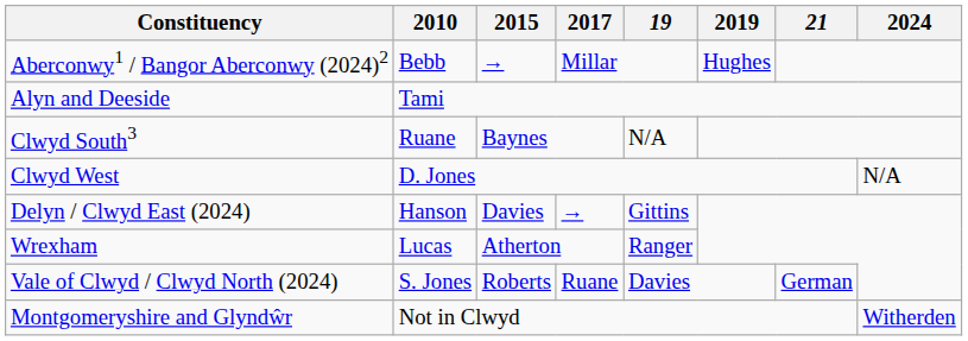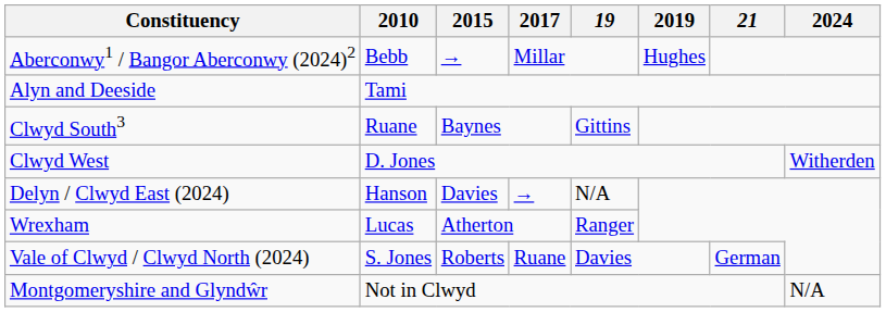 <table class="wikitable">
 <tr>
 <th>Constituency</th>
 <th>2010</th>
 <th>2015</th>
 <th>2017</th>
 <th><em>19</em></th>
 <th>2019</th>
 <th><em>21</em></th>
 <th>2024</th>
 </tr>
 <tr>
 <td><a href='#'>Aberconwy</a><sup>1</sup> / <a href='#'>Bangor Aberconwy</a> (2024)<sup>2</sup></td>
 <td><a href='#'>Bebb</a></td>
 <td><a href='#'>→</a></td>
 <td colspan="2"><a href='#'>Millar</a></td>
 <td><a href='#'>Hughes</a></td>
 </tr>
 <tr>
 <td><a href='#'>Alyn and Deeside</a></td>
 <td colspan="7"><a href='#'>Tami</a></td>
 </tr>
 <tr>
 <td><a href='#'>Clwyd South</a><sup>3</sup></td>
 <td><a href='#'>Ruane</a></td>
 <td colspan="2"><a href='#'>Baynes</a></td>
-<td>N/A</td>
+<td><a href='#'>Gittins</a></td>
 </tr>
 <tr>
 <td><a href='#'>Clwyd West</a></td>
 <td colspan="6"><a href='#'>D. Jones</a></td>
-<td>N/A</td>
+<td><a href='#'>Witherden</a></td>
 </tr>
 <tr>
 <td><a href='#'>Delyn</a> / <a href='#'>Clwyd East</a> (2024)</td>
 <td><a href='#'>Hanson</a></td>
 <td><a href='#'>Davies</a></td>
 <td><a href='#'>→</a></td>
-<td><a href='#'>Gittins</a></td>
+<td>N/A</td>
 </tr>
 <tr>
 <td><a href='#'>Wrexham</a></td>
 <td><a href='#'>Lucas</a></td>
 <td colspan="2"><a href='#'>Atherton</a></td>
 <td><a href='#'>Ranger</a></td>
 </tr>
 <tr>
 <td><a href='#'>Vale of Clwyd</a> / <a href='#'>Clwyd North</a> (2024)</td>
 <td><a href='#'>S. Jones</a></td>
 <td><a href='#'>Roberts</a></td>
 <td><a href='#'>Ruane</a></td>
 <td colspan="2"><a href='#'>Davies</a></td>
 <td><a href='#'>German</a></td>
 </tr>
 <tr>
 <td><a href='#'>Montgomeryshire and Glyndŵr</a></td>
 <td colspan="6">Not in Clwyd</td>
-<td><a href='#'>Witherden</a></td>
+<td>N/A</td>
 </tr>
 </table>
